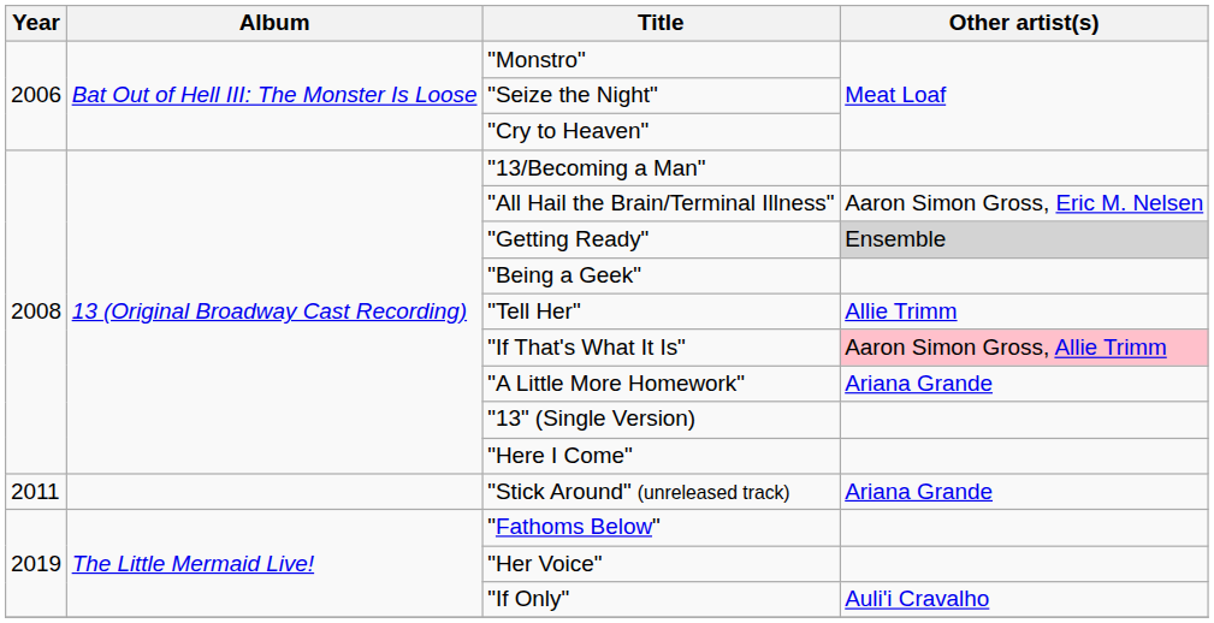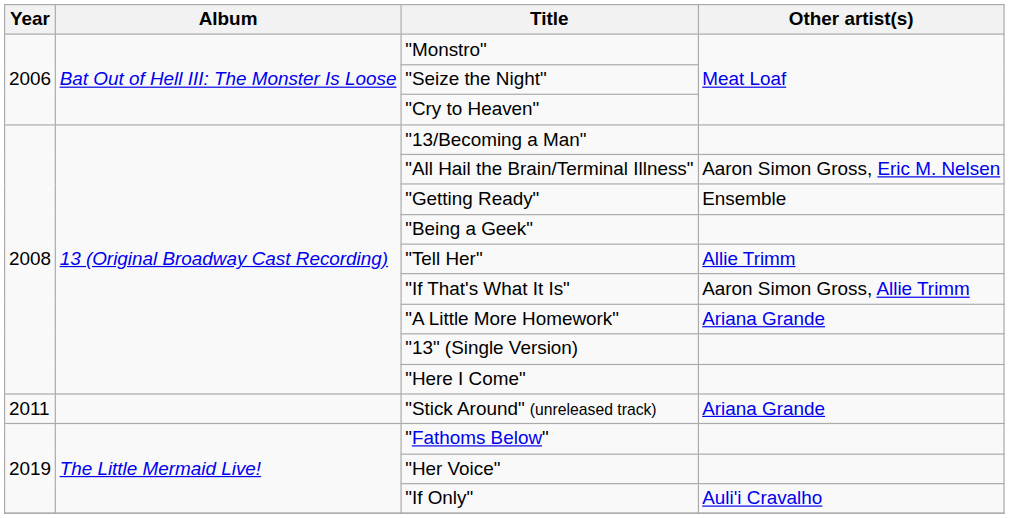 <table class="wikitable">
 <tr>
 <th>Year</th>
 <th>Album</th>
 <th>Title</th>
 <th>Other artist(s)</th>
 </tr>
 <tr>
 <td rowspan="3">2006</td>
 <td rowspan="3"><em><a href='#'>Bat Out of Hell III: The Monster Is Loose</a></em></td>
 <td>"Monstro"</td>
 <td rowspan="3"><a href='#'>Meat Loaf</a></td>
 </tr>
 <tr>
 <td>"Seize the Night"</td>
 </tr>
 <tr>
 <td>"Cry to Heaven"</td>
 </tr>
 <tr>
 <td rowspan="9">2008</td>
 <td rowspan="9"><em><a href='#'>13 (Original Broadway Cast Recording)</a></em></td>
 <td>"13/Becoming a Man"</td>
 <td></td>
 </tr>
 <tr>
 <td>"All Hail the Brain/Terminal Illness"</td>
 <td>Aaron Simon Gross, <a href='#'>Eric M. Nelsen</a></td>
 </tr>
 <tr>
 <td>"Getting Ready"</td>
-<td style="background: lightgrey;">Ensemble</td>
+<td>Ensemble</td>
 </tr>
 <tr>
 <td>"Being a Geek"</td>
 <td></td>
 </tr>
 <tr>
 <td>"Tell Her"</td>
 <td><a href='#'>Allie Trimm</a></td>
 </tr>
 <tr>
 <td>"If That's What It Is"</td>
-<td style="background: pink;">Aaron Simon Gross, <a href='#'>Allie Trimm</a></td>
+<td>Aaron Simon Gross, <a href='#'>Allie Trimm</a></td>
 </tr>
 <tr>
 <td>"A Little More Homework"</td>
 <td><a href='#'>Ariana Grande</a></td>
 </tr>
 <tr>
 <td>"13" (Single Version)</td>
 <td></td>
 </tr>
 <tr>
 <td>"Here I Come"</td>
 <td></td>
 </tr>
 <tr>
 <td>2011</td>
 <td></td>
 <td>"Stick Around" <small>(unreleased track)</small></td>
 <td><a href='#'>Ariana Grande</a></td>
 </tr>
 <tr>
 <td rowspan="3">2019</td>
 <td rowspan="3"><em><a href='#'>The Little Mermaid Live!</a></em></td>
 <td>"<a href='#'>Fathoms Below</a>"</td>
 <td></td>
 </tr>
 <tr>
 <td>"Her Voice"</td>
 <td></td>
 </tr>
 <tr>
 <td>"If Only"</td>
 <td><a href='#'>Auli'i Cravalho</a></td>
 </tr>
 <tr>
 </tr>
 </table>
